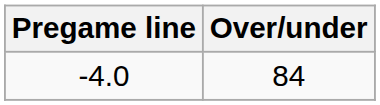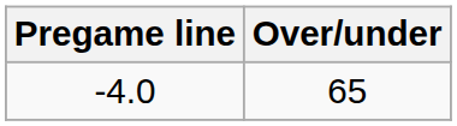 <table class="wikitable" style="margin-left: auto; margin-right: auto; border: none; display: inline-table;">
 <tr align="center">
 <th style=>Pregame line</th>
 <th style=>Over/under</th>
 </tr>
 <tr align="center">
 <td>-4.0</td>
-<td>84</td>
+<td>65</td>
 </tr>
 </table>
